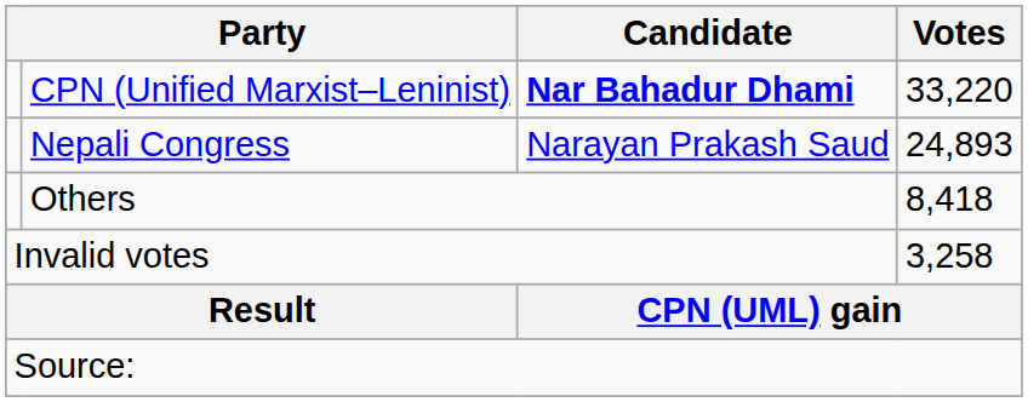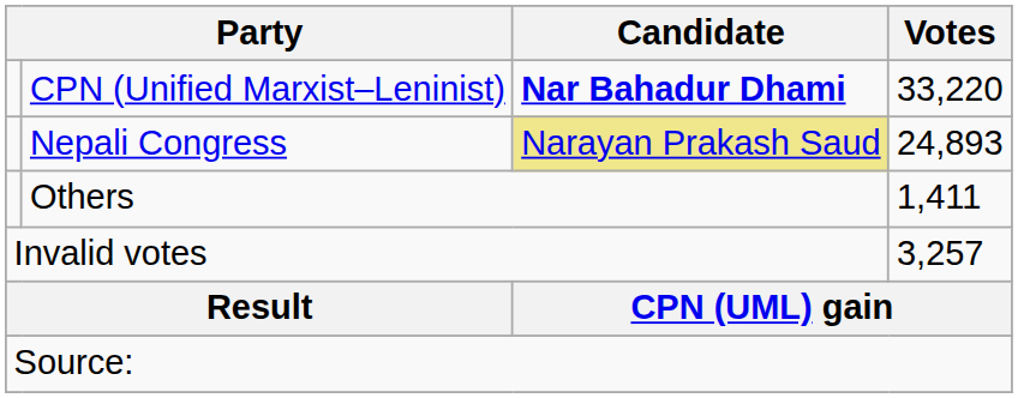 <table class="wikitable">
 <tr>
 <th colspan="2">Party</th>
 <th>Candidate</th>
 <th>Votes</th>
 </tr>
 <tr>
 <td style="background-color:"></td>
 <td><a href='#'>CPN (Unified Marxist–Leninist)</a></td>
 <td><strong><a href='#'>Nar Bahadur Dhami</a></strong></td>
 <td>33,220</td>
 </tr>
 <tr>
 <td style="background-color:"></td>
 <td><a href='#'>Nepali Congress</a></td>
-<td><a href='#'>Narayan Prakash Saud</a></td>
+<td style="background: khaki;"><a href='#'>Narayan Prakash Saud</a></td>
 <td>24,893</td>
 </tr>
 <tr>
 <td></td>
 <td colspan="2">Others</td>
-<td>8,418</td>
+<td>1,411</td>
 </tr>
 <tr>
 <td colspan="3">Invalid votes</td>
-<td>3,258</td>
+<td>3,257</td>
 </tr>
 <tr>
 <th colspan="2">Result</th>
 <th colspan="2"><a href='#'>CPN (UML)</a> gain</th>
 </tr>
 <tr>
 <td colspan="4">Source: </td>
 </tr>
 </table>
